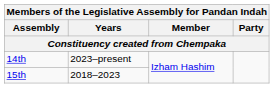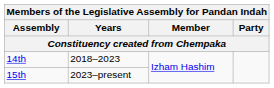 <table class=wikitable>
 <tr>
 <th colspan=4>Members of the Legislative Assembly for Pandan Indah</th>
 </tr>
 <tr>
 <th>Assembly</th>
 <th>Years</th>
 <th>Member</th>
 <th>Party</th>
 </tr>
 <tr>
 <th colspan=4 align=center><em>Constituency created from Chempaka</em></th>
 </tr>
 <tr>
 <td><a href='#'>14th</a></td>
-<td>2023–present</td>
+<td>2018–2023</td>
 <td rowspan=2><a href='#'>Izham Hashim</a></td>
 <td rowspan=2></td>
 </tr>
 <tr>
 <td><a href='#'>15th</a></td>
-<td>2018–2023</td>
+<td>2023–present</td>
 </tr>
 </table>
